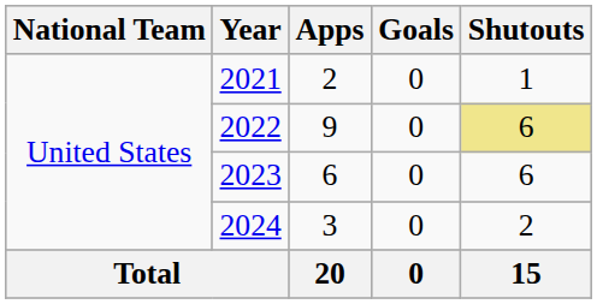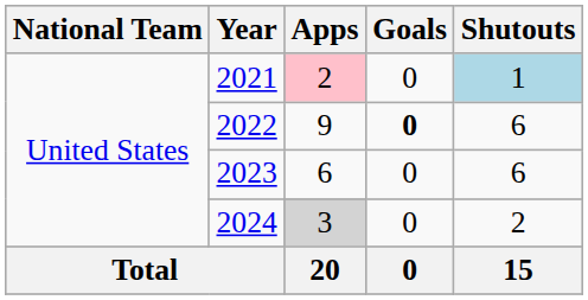 <table class="wikitable" style="text-align:center">
 <tr>
 <th>National Team</th>
 <th>Year</th>
 <th>Apps</th>
 <th>Goals</th>
 <th>Shutouts</th>
 </tr>
 <tr>
 <td rowspan=4><a href='#'>United States</a></td>
 <td><a href='#'>2021</a></td>
-<td>2</td>
+<td style="background: pink;">2</td>
 <td>0</td>
-<td>1</td>
+<td style="background: lightblue;">1</td>
 </tr>
 <tr>
 <td><a href='#'>2022</a></td>
 <td>9</td>
-<td>0</td>
-<td style="background: khaki;">6</td>
+<td><strong>0</strong></td>
+<td>6</td>
 </tr>
 <tr>
 <td><a href='#'>2023</a></td>
 <td>6</td>
 <td>0</td>
 <td>6</td>
 </tr>
 <tr>
 <td><a href='#'>2024</a></td>
-<td>3</td>
+<td style="background: lightgrey;">3</td>
 <td>0</td>
 <td>2</td>
 </tr>
 <tr>
 <th colspan=2>Total</th>
 <th>20</th>
 <th>0</th>
 <th>15</th>
 </tr>
 </table>
